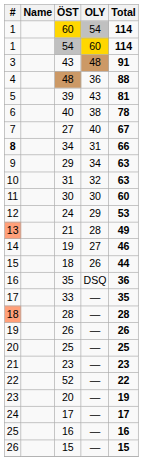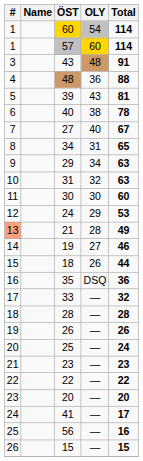 <table class="wikitable sortable" style="text-align:center;">
 <tr>
 <th>#</th>
 <th>Name</th>
 <th>ÖST</th>
 <th>OLY</th>
 <th>Total</th>
 </tr>
 <tr>
 <td>1</td>
 <td align="left"></td>
 <td bgcolor="gold">60</td>
 <td bgcolor="silver">54</td>
 <td><strong>114</strong></td>
 </tr>
 <tr>
 <td>1</td>
 <td align="left"></td>
-<td bgcolor="silver">54</td>
+<td bgcolor="silver">57</td>
 <td bgcolor="gold">60</td>
 <td><strong>114</strong></td>
 </tr>
 <tr>
 <td>3</td>
 <td align="left"></td>
 <td>43</td>
 <td bgcolor="CC9966">48</td>
 <td><strong>91</strong></td>
 </tr>
 <tr>
 <td>4</td>
 <td align="left"></td>
 <td bgcolor="CC9966">48</td>
 <td>36</td>
 <td><strong>88</strong></td>
 </tr>
 <tr>
 <td>5</td>
 <td align="left"></td>
 <td>39</td>
 <td>43</td>
 <td><strong>81</strong></td>
 </tr>
 <tr>
 <td>6</td>
 <td align="left"></td>
 <td>40</td>
 <td>38</td>
 <td><strong>78</strong></td>
 </tr>
 <tr>
 <td>7</td>
 <td align="left"></td>
 <td>27</td>
 <td>40</td>
 <td><strong>67</strong></td>
 </tr>
 <tr>
-<td><strong>8</strong></td>
+<td>8</td>
 <td align="left"></td>
 <td>34</td>
 <td>31</td>
-<td><strong>66</strong></td>
+<td><strong>65</strong></td>
 </tr>
 <tr>
 <td>9</td>
 <td align="left"></td>
 <td>29</td>
 <td>34</td>
 <td><strong>63</strong></td>
 </tr>
 <tr>
 <td>10</td>
 <td align="left"></td>
 <td>31</td>
 <td>32</td>
 <td><strong>63</strong></td>
 </tr>
 <tr>
 <td>11</td>
 <td align="left"></td>
 <td>30</td>
 <td>30</td>
 <td><strong>60</strong></td>
 </tr>
 <tr>
 <td>12</td>
 <td align="left"></td>
 <td>24</td>
 <td>29</td>
 <td><strong>53</strong></td>
 </tr>
 <tr>
 <td style="background: lightsalmon;">13</td>
 <td align="left"></td>
 <td>21</td>
 <td>28</td>
 <td><strong>49</strong></td>
 </tr>
 <tr>
 <td>14</td>
 <td align="left"></td>
 <td>19</td>
 <td>27</td>
 <td><strong>46</strong></td>
 </tr>
 <tr>
 <td>15</td>
 <td align="left"></td>
 <td>18</td>
 <td>26</td>
 <td><strong>44</strong></td>
 </tr>
 <tr>
 <td>16</td>
 <td align="left"></td>
 <td>35</td>
 <td>DSQ</td>
 <td><strong>36</strong></td>
 </tr>
 <tr>
 <td>17</td>
 <td align="left"></td>
 <td>33</td>
 <td>—</td>
-<td><strong>35</strong></td>
+<td><strong>32</strong></td>
 </tr>
 <tr>
-<td style="background: lightsalmon;">18</td>
+<td>18</td>
 <td align="left"></td>
 <td>28</td>
 <td>—</td>
 <td><strong>28</strong></td>
 </tr>
 <tr>
 <td>19</td>
 <td align="left"></td>
 <td>26</td>
 <td>—</td>
 <td><strong>26</strong></td>
 </tr>
 <tr>
 <td>20</td>
 <td align="left"></td>
 <td>25</td>
 <td>—</td>
-<td><strong>25</strong></td>
+<td><strong>24</strong></td>
 </tr>
 <tr>
 <td>21</td>
 <td align="left"></td>
 <td>23</td>
 <td>—</td>
 <td><strong>23</strong></td>
 </tr>
 <tr>
 <td>22</td>
 <td align="left"></td>
-<td>52</td>
+<td>22</td>
 <td>—</td>
 <td><strong>22</strong></td>
 </tr>
 <tr>
 <td>23</td>
 <td align="left"></td>
 <td>20</td>
 <td>—</td>
-<td><strong>19</strong></td>
+<td><strong>20</strong></td>
 </tr>
 <tr>
 <td>24</td>
 <td align="left"></td>
-<td>17</td>
+<td>41</td>
 <td>—</td>
 <td><strong>17</strong></td>
 </tr>
 <tr>
 <td>25</td>
 <td align="left"></td>
-<td>16</td>
+<td>56</td>
 <td>—</td>
 <td><strong>16</strong></td>
 </tr>
 <tr>
 <td>26</td>
 <td align="left"></td>
 <td>15</td>
 <td>—</td>
 <td><strong>15</strong></td>
 </tr>
 <tr>
 </tr>
 </table>
